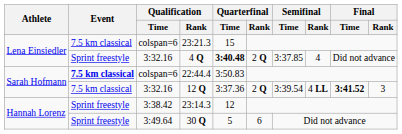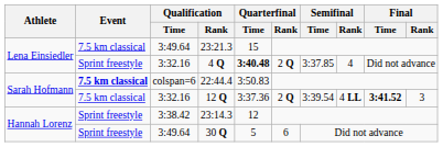 <table class="wikitable" style="font-size:90%">
 <tr>
 <th rowspan="2">Athlete</th>
 <th rowspan="2">Event</th>
 <th colspan="2">Qualification</th>
 <th colspan="2">Quarterfinal</th>
 <th colspan="2">Semifinal</th>
 <th colspan="2">Final</th>
 </tr>
 <tr style="font-size:95%">
 <th>Time</th>
 <th>Rank</th>
 <th>Time</th>
 <th>Rank</th>
 <th>Time</th>
 <th>Rank</th>
 <th>Time</th>
 <th>Rank</th>
 </tr>
 <tr align=center>
 <td align=left rowspan=2><a href='#'>Lena Einsiedler</a></td>
 <td align=left><a href='#'>7.5 km classical</a></td>
-<td>colspan=6</td>
+<td>3:49.64</td>
 <td>23:21.3</td>
 <td>15</td>
 </tr>
 <tr align=center>
 <td align=left><a href='#'>Sprint freestyle</a></td>
 <td>3:32.16</td>
 <td>4 <strong>Q</strong></td>
 <td><strong>3:40.48</strong></td>
 <td>2 <strong>Q</strong></td>
 <td>3:37.85</td>
 <td>4</td>
 <td colspan=2>Did not advance</td>
 </tr>
 <tr align=center>
 <td align=left rowspan=2><a href='#'>Sarah Hofmann</a></td>
 <td align=left><strong><a href='#'>7.5 km classical</a></strong></td>
 <td>colspan=6</td>
 <td>22:44.4</td>
 <td>3:50.83</td>
 </tr>
 <tr align=center>
 <td align=left><a href='#'>7.5 km classical</a></td>
 <td>3:32.16</td>
 <td>12 <strong>Q</strong></td>
 <td>3:37.36</td>
 <td>2 <strong>Q</strong></td>
 <td>3:39.54</td>
 <td>4 <strong>LL</strong></td>
 <td><strong>3:41.52</strong></td>
 <td>3</td>
 </tr>
 <tr align=center>
 <td align=left rowspan=2><a href='#'>Hannah Lorenz</a></td>
 <td align=left><a href='#'>Sprint freestyle</a></td>
 <td>3:38.42</td>
 <td>23:14.3</td>
 <td>12</td>
 </tr>
 <tr align=center>
 <td align=left><a href='#'>Sprint freestyle</a></td>
 <td>3:49.64</td>
 <td>30 <strong>Q</strong></td>
 <td>5</td>
 <td>6</td>
 <td colspan=4>Did not advance</td>
 </tr>
 </table>
